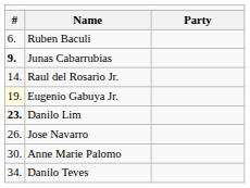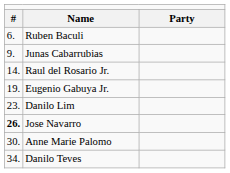 <table class=wikitable style="font-size:90%">
 <tr>
 <td colspan=4 bgcolor=></td>
 </tr>
 <tr>
 <th>#</th>
 <th width=150px>Name</th>
 <th colspan=2 width=110px>Party</th>
 </tr>
 <tr>
 <td>6.</td>
 <td>Ruben Baculi</td>
 <td></td>
 </tr>
 <tr>
-<td><strong>9.</strong></td>
+<td>9.</td>
 <td>Junas Cabarrubias</td>
 <td></td>
 </tr>
 <tr>
 <td>14.</td>
 <td>Raul del Rosario Jr.</td>
 <td></td>
 </tr>
 <tr>
-<td style="background: lightyellow;">19.</td>
+<td>19.</td>
 <td>Eugenio Gabuya Jr.</td>
 <td></td>
 </tr>
 <tr>
-<td><strong>23.</strong></td>
+<td>23.</td>
 <td>Danilo Lim</td>
 <td></td>
 </tr>
 <tr>
-<td>26.</td>
+<td><strong>26.</strong></td>
 <td>Jose Navarro</td>
 <td></td>
 </tr>
 <tr>
 <td>30.</td>
 <td>Anne Marie Palomo</td>
 <td></td>
 </tr>
 <tr>
 <td>34.</td>
 <td>Danilo Teves</td>
 <td></td>
 </tr>
 </table>
